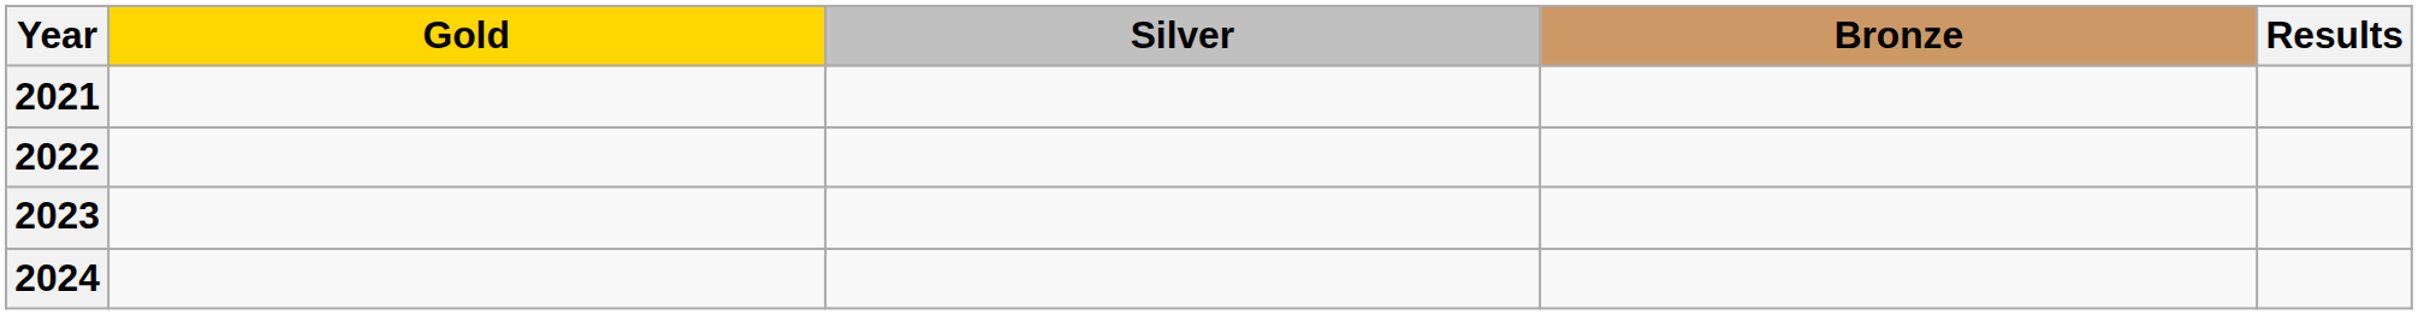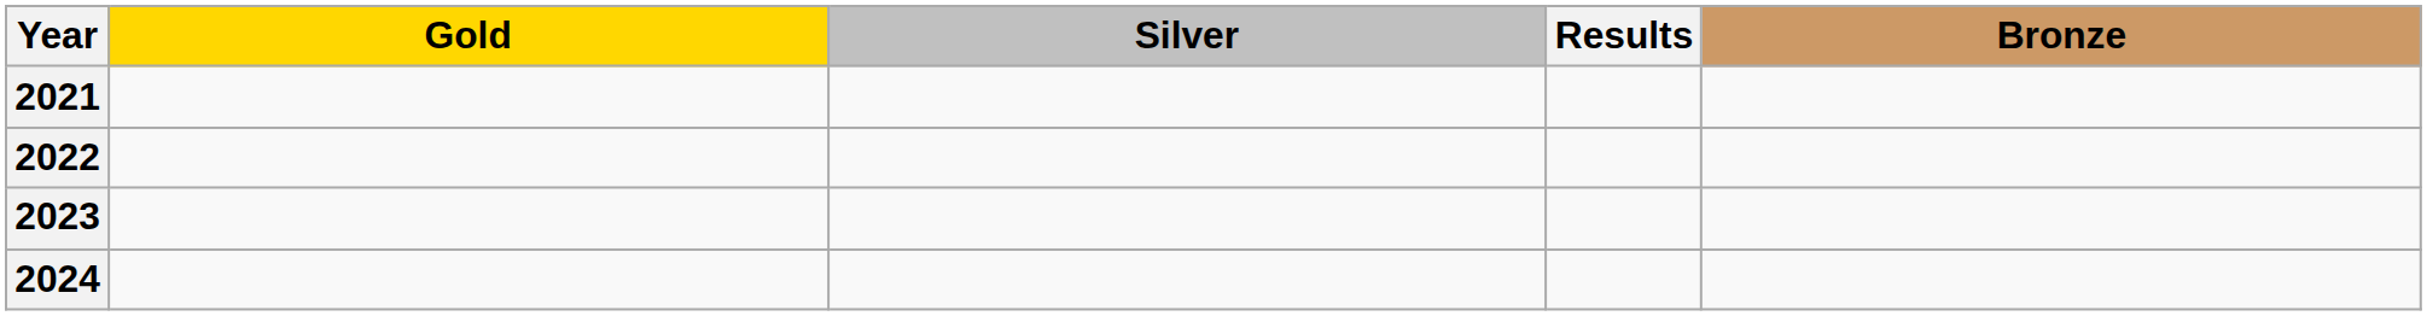 <table class="wikitable unsortable" style="text-align:left; width:80%">
 <tr>
 <th scope="col" style="text-align:center;">Year</th>
 <td scope="col" style="text-align:center; width:30%; background:gold"><strong>Gold</strong></td>
 <td scope="col" style="text-align:center; width:30%; background:silver"><strong>Silver</strong></td>
+<th scope="col" style="text-align:center;">Results</th>
 <td scope="col" style="text-align:center; width:30%; background:#c96"><strong>Bronze</strong></td>
-<th scope="col" style="text-align:center;">Results</th>
 </tr>
 <tr>
 <th scope="row" style="text-align:left">2021</th>
 <td></td>
 <td></td>
 <td></td>
 <td></td>
 </tr>
 <tr>
 <th scope="row" style="text-align:left">2022</th>
 <td></td>
 <td></td>
 <td></td>
 <td></td>
 </tr>
 <tr>
 <th scope="row" style="text-align:left">2023</th>
 <td></td>
 <td></td>
 <td></td>
 <td></td>
 </tr>
 <tr>
 <th scope="row" style="text-align:left">2024</th>
 <td></td>
 <td></td>
 <td></td>
 <td></td>
 </tr>
 </table>
